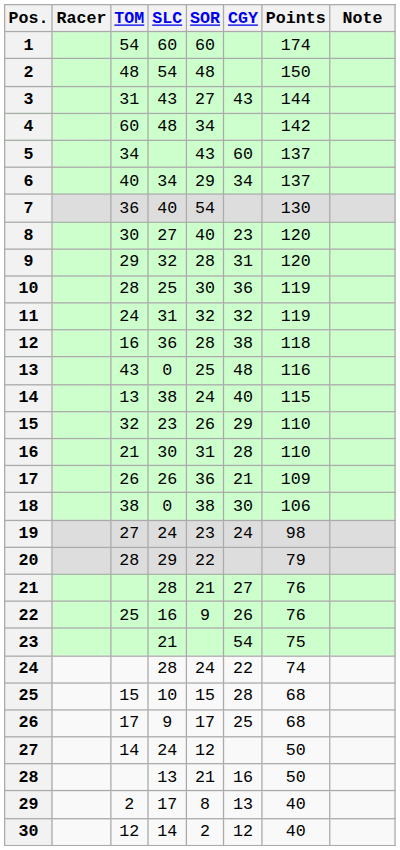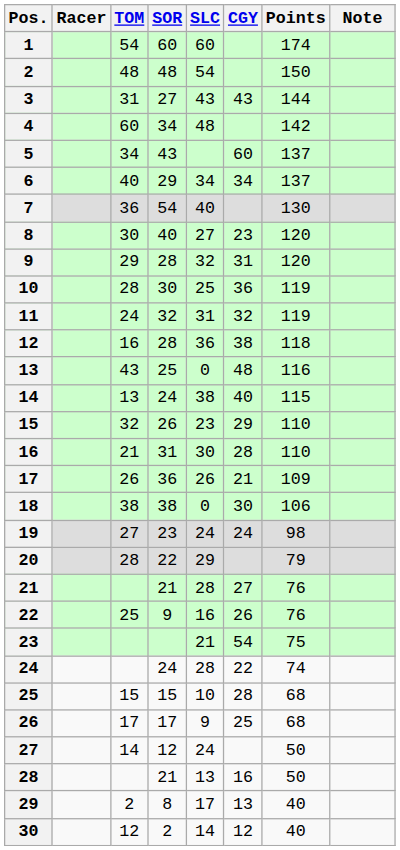 <table class="wikitable sortable plainrowheaders" style="text-align:center;">
 <tr>
 <th scope="col">Pos.</th>
 <th scope="col">Racer</th>
 <th scope="col"> <a href='#'>TOM</a></th>
+<th scope="col"> <a href='#'>SOR</a></th>
 <th scope="col"> <a href='#'>SLC</a></th>
-<th scope="col"> <a href='#'>SOR</a></th>
 <th scope="col"> <a href='#'>CGY</a></th>
 <th style="width:45px;">Points</th>
 <th style="width:45px;">Note</th>
 </tr>
 <tr bgcolor=#ccffcc>
 <th style="text - align:center; ">1</th>
 <td align="left"></td>
 <td>54</td>
 <td>60</td>
 <td>60</td>
 <td></td>
 <td>174</td>
 <td></td>
 </tr>
 <tr bgcolor=#ccffcc>
 <th style="text - align:center; ">2</th>
 <td align="left"></td>
 <td>48</td>
+<td>48</td>
 <td>54</td>
-<td>48</td>
 <td></td>
 <td>150</td>
 <td></td>
 </tr>
 <tr bgcolor=#ccffcc>
 <th style="text - align:center; ">3</th>
 <td align="left"></td>
 <td>31</td>
+<td>27</td>
 <td>43</td>
-<td>27</td>
 <td>43</td>
 <td>144</td>
 <td></td>
 </tr>
 <tr bgcolor=#ccffcc>
 <th style="text - align:center; ">4</th>
 <td align="left"></td>
 <td>60</td>
+<td>34</td>
 <td>48</td>
-<td>34</td>
 <td></td>
 <td>142</td>
 <td></td>
 </tr>
 <tr bgcolor=#ccffcc>
 <th style="text - align:center; ">5</th>
 <td align="left"></td>
 <td>34</td>
+<td>43</td>
 <td></td>
-<td>43</td>
 <td>60</td>
 <td>137</td>
 <td></td>
 </tr>
 <tr bgcolor=#ccffcc>
 <th style="text - align:center; ">6</th>
 <td align="left"></td>
 <td>40</td>
+<td>29</td>
 <td>34</td>
-<td>29</td>
 <td>34</td>
 <td>137</td>
 <td></td>
 </tr>
 <tr bgcolor=#dddddd>
 <th style="text - align:center; ">7</th>
 <td align="left"></td>
 <td>36</td>
+<td>54</td>
 <td>40</td>
-<td>54</td>
 <td></td>
 <td>130</td>
 <td></td>
 </tr>
 <tr bgcolor=#ccffcc>
 <th style="text - align:center; ">8</th>
 <td align="left"></td>
 <td>30</td>
+<td>40</td>
 <td>27</td>
-<td>40</td>
 <td>23</td>
 <td>120</td>
 <td></td>
 </tr>
 <tr bgcolor=#ccffcc>
 <th style="text - align:center; ">9</th>
 <td align="left"></td>
 <td>29</td>
+<td>28</td>
 <td>32</td>
-<td>28</td>
 <td>31</td>
 <td>120</td>
 <td></td>
 </tr>
 <tr bgcolor=#ccffcc>
 <th style="text - align:center; ">10</th>
 <td align="left"></td>
 <td>28</td>
+<td>30</td>
 <td>25</td>
-<td>30</td>
 <td>36</td>
 <td>119</td>
 <td></td>
 </tr>
 <tr bgcolor=#ccffcc>
 <th style="text - align:center; ">11</th>
 <td align="left"></td>
 <td>24</td>
+<td>32</td>
 <td>31</td>
-<td>32</td>
 <td>32</td>
 <td>119</td>
 <td></td>
 </tr>
 <tr bgcolor=#ccffcc>
 <th style="text - align:center; ">12</th>
 <td align="left"></td>
 <td>16</td>
+<td>28</td>
 <td>36</td>
-<td>28</td>
 <td>38</td>
 <td>118</td>
 <td></td>
 </tr>
 <tr bgcolor=#ccffcc>
 <th style="text - align:center; ">13</th>
 <td align="left"></td>
 <td>43</td>
+<td>25</td>
 <td>0</td>
-<td>25</td>
 <td>48</td>
 <td>116</td>
 <td></td>
 </tr>
 <tr bgcolor=#ccffcc>
 <th style="text - align:center; ">14</th>
 <td align="left"></td>
 <td>13</td>
+<td>24</td>
 <td>38</td>
-<td>24</td>
 <td>40</td>
 <td>115</td>
 <td></td>
 </tr>
 <tr bgcolor=#ccffcc>
 <th style="text - align:center; ">15</th>
 <td align="left"></td>
 <td>32</td>
+<td>26</td>
 <td>23</td>
-<td>26</td>
 <td>29</td>
 <td>110</td>
 <td></td>
 </tr>
 <tr bgcolor=#ccffcc>
 <th style="text - align:center; ">16</th>
 <td align="left"></td>
 <td>21</td>
+<td>31</td>
 <td>30</td>
-<td>31</td>
 <td>28</td>
 <td>110</td>
 <td></td>
 </tr>
 <tr bgcolor=#ccffcc>
 <th style="text - align:center; ">17</th>
 <td align="left"></td>
 <td>26</td>
+<td>36</td>
 <td>26</td>
-<td>36</td>
 <td>21</td>
 <td>109</td>
 <td></td>
 </tr>
 <tr bgcolor=#ccffcc>
 <th style="text - align:center; ">18</th>
 <td align="left"></td>
 <td>38</td>
+<td>38</td>
 <td>0</td>
-<td>38</td>
 <td>30</td>
 <td>106</td>
 <td></td>
 </tr>
 <tr bgcolor=#dddddd>
 <th style="text - align:center; ">19</th>
 <td align="left"></td>
 <td>27</td>
+<td>23</td>
 <td>24</td>
-<td>23</td>
 <td>24</td>
 <td>98</td>
 <td></td>
 </tr>
 <tr bgcolor=#dddddd>
 <th style="text - align:center; ">20</th>
 <td align="left"></td>
 <td>28</td>
+<td>22</td>
 <td>29</td>
-<td>22</td>
 <td></td>
 <td>79</td>
 <td></td>
 </tr>
 <tr bgcolor=#ccffcc>
 <th style="text - align:center; ">21</th>
 <td align="left"></td>
 <td></td>
+<td>21</td>
 <td>28</td>
-<td>21</td>
 <td>27</td>
 <td>76</td>
 <td></td>
 </tr>
 <tr bgcolor=#ccffcc>
 <th style="text - align:center; ">22</th>
 <td align="left"></td>
 <td>25</td>
+<td>9</td>
 <td>16</td>
-<td>9</td>
 <td>26</td>
 <td>76</td>
 <td></td>
 </tr>
 <tr bgcolor=#ccffcc>
 <th style="text - align:center; ">23</th>
 <td align="left"></td>
 <td></td>
+<td></td>
 <td>21</td>
-<td></td>
 <td>54</td>
 <td>75</td>
 <td></td>
 </tr>
 <tr>
 <th style="text - align:center; ">24</th>
 <td align="left"></td>
 <td></td>
+<td>24</td>
 <td>28</td>
-<td>24</td>
 <td>22</td>
 <td>74</td>
 <td></td>
 </tr>
 <tr>
 <th style="text - align:center; ">25</th>
 <td align="left"></td>
 <td>15</td>
+<td>15</td>
 <td>10</td>
-<td>15</td>
 <td>28</td>
 <td>68</td>
 <td></td>
 </tr>
 <tr>
 <th style="text - align:center; ">26</th>
 <td align="left"></td>
 <td>17</td>
+<td>17</td>
 <td>9</td>
-<td>17</td>
 <td>25</td>
 <td>68</td>
 <td></td>
 </tr>
 <tr>
 <th style="text - align:center; ">27</th>
 <td align="left"></td>
 <td>14</td>
+<td>12</td>
 <td>24</td>
-<td>12</td>
 <td></td>
 <td>50</td>
 <td></td>
 </tr>
 <tr>
 <th style="text - align:center; ">28</th>
 <td align="left"></td>
 <td></td>
+<td>21</td>
 <td>13</td>
-<td>21</td>
 <td>16</td>
 <td>50</td>
 <td></td>
 </tr>
 <tr>
 <th style="text - align:center; ">29</th>
 <td align="left"></td>
 <td>2</td>
+<td>8</td>
 <td>17</td>
-<td>8</td>
 <td>13</td>
 <td>40</td>
 <td></td>
 </tr>
 <tr>
 <th style="text - align:center; ">30</th>
 <td align="left"></td>
 <td>12</td>
+<td>2</td>
 <td>14</td>
-<td>2</td>
 <td>12</td>
 <td>40</td>
 <td></td>
 </tr>
 </table>
